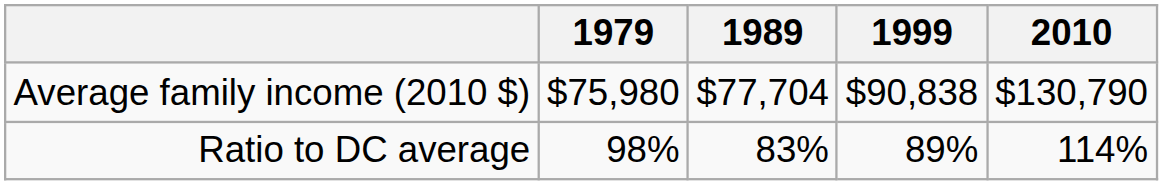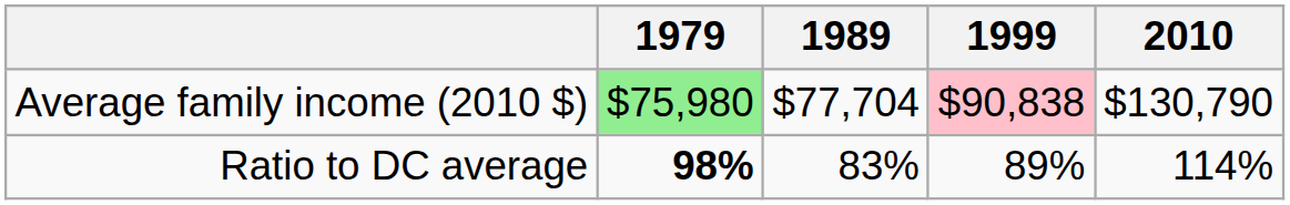 <table class="wikitable">
 <tr>
 <th></th>
 <th>1979</th>
 <th>1989</th>
 <th>1999</th>
 <th>2010</th>
 </tr>
 <tr align="right">
 <td>Average family income (2010 $)</td>
-<td>$75,980</td>
+<td style="background: lightgreen;">$75,980</td>
 <td>$77,704</td>
-<td>$90,838</td>
+<td style="background: pink;">$90,838</td>
 <td>$130,790</td>
 </tr>
 <tr align="right">
 <td>Ratio to DC average</td>
-<td>98%</td>
+<td><strong>98%</strong></td>
 <td>83%</td>
 <td>89%</td>
 <td>114%</td>
 </tr>
 </table>
